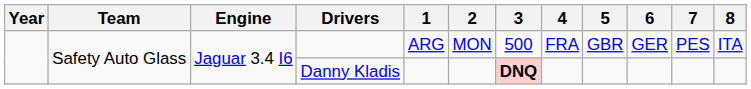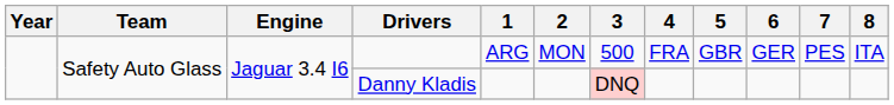 <table class="wikitable" style="text-align:center; font-size:85%">
 <tr>
 <th>Year</th>
 <th>Team</th>
 <th>Engine</th>
 <th>Drivers</th>
 <th>1</th>
 <th>2</th>
 <th>3</th>
 <th>4</th>
 <th>5</th>
 <th>6</th>
 <th>7</th>
 <th>8</th>
 </tr>
 <tr>
 <td rowspan="2"></td>
 <td rowspan="2">Safety Auto Glass</td>
 <td rowspan="2"><a href='#'>Jaguar</a> 3.4 <a href='#'>I6</a></td>
 <td></td>
 <td><a href='#'>ARG</a></td>
 <td><a href='#'>MON</a></td>
 <td><a href='#'>500</a></td>
 <td><a href='#'>FRA</a></td>
 <td><a href='#'>GBR</a></td>
 <td><a href='#'>GER</a></td>
 <td><a href='#'>PES</a></td>
 <td><a href='#'>ITA</a></td>
 </tr>
 <tr>
 <td align="left"><a href='#'>Danny Kladis</a></td>
 <td></td>
 <td></td>
-<td style="background:#FFCFCF;"><strong>DNQ</strong></td>
+<td style="background:#FFCFCF;">DNQ</td>
 <td></td>
 <td></td>
 <td></td>
 <td></td>
 <td></td>
 </tr>
 </table>
